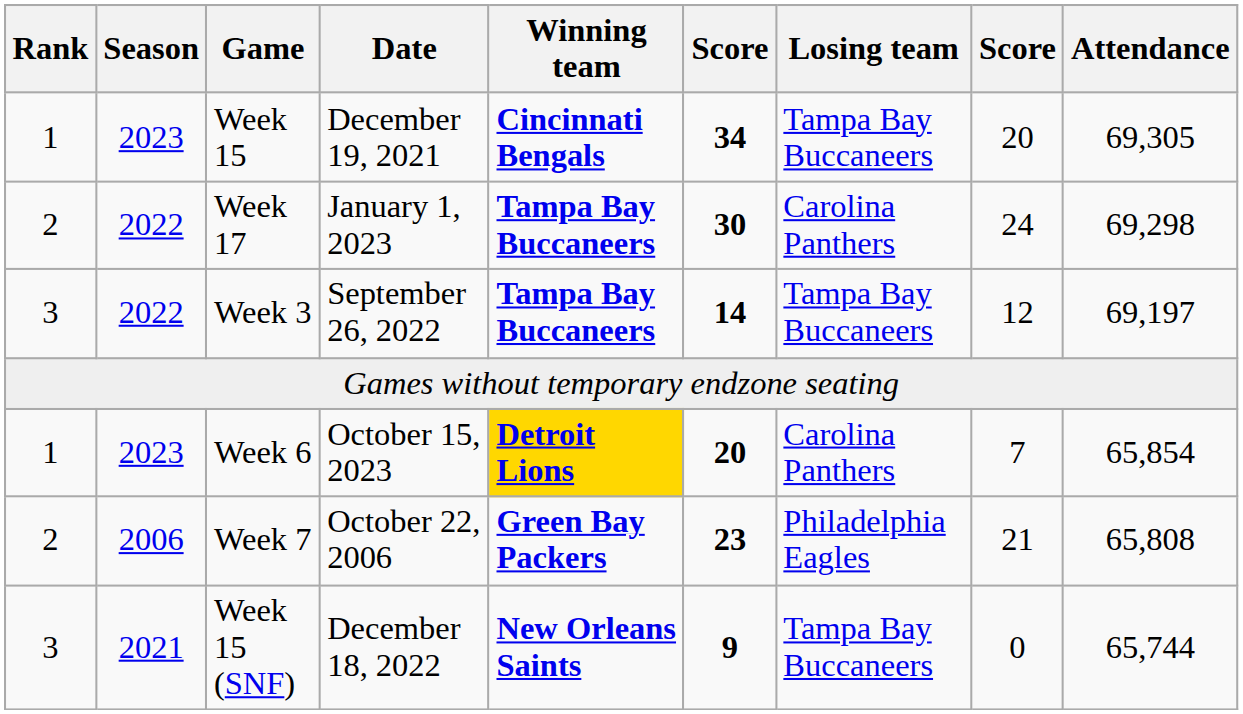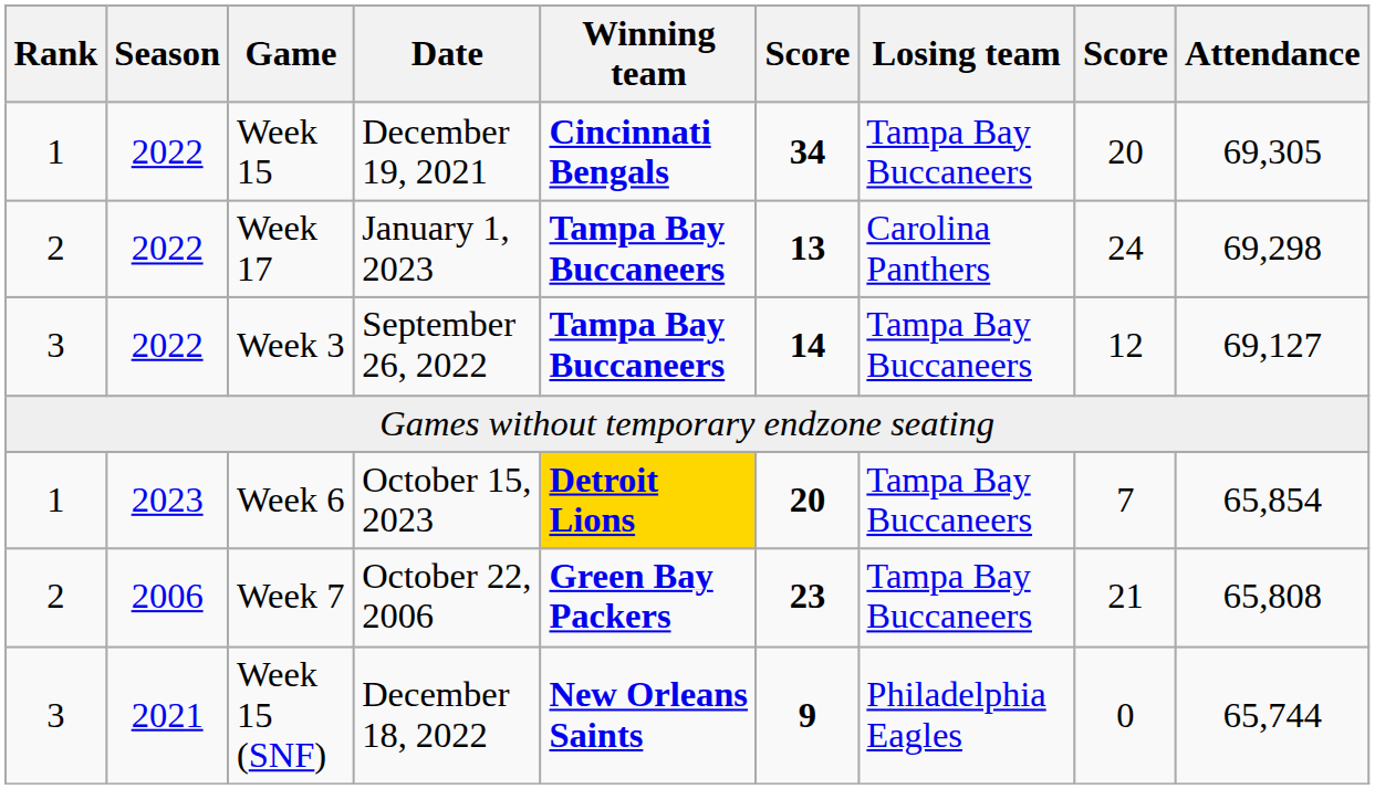 <table class="wikitable">
 <tr style="background:#efefef;">
 <th style="text-align:center;">Rank</th>
 <th style="text-align:center;">Season</th>
 <th style="text-align:center;">Game</th>
 <th style="text-align:center;">Date</th>
 <th style="text-align:center;">Winning team</th>
 <th style="text-align:center;">Score</th>
 <th style="text-align:center;">Losing team</th>
 <th style="text-align:center;">Score</th>
 <th style="text-align:center;">Attendance</th>
 </tr>
 <tr>
 <td align=center>1</td>
-<td align=center><a href='#'>2023</a></td>
+<td align=center><a href='#'>2022</a></td>
 <td>Week 15</td>
 <td>December 19, 2021</td>
 <td><strong><a href='#'>Cincinnati Bengals</a></strong></td>
 <td align=center><strong>34</strong></td>
 <td><a href='#'>Tampa Bay Buccaneers</a></td>
 <td align=center>20</td>
 <td align=center>69,305</td>
 </tr>
 <tr>
 <td align=center>2</td>
 <td align=center><a href='#'>2022</a></td>
 <td>Week 17</td>
 <td>January 1, 2023</td>
 <td><strong><a href='#'>Tampa Bay Buccaneers</a></strong></td>
-<td align=center><strong>30</strong></td>
+<td align=center><strong>13</strong></td>
 <td><a href='#'>Carolina Panthers</a></td>
 <td align=center>24</td>
 <td align=center>69,298</td>
 </tr>
 <tr>
 <td align=center>3</td>
 <td align=center><a href='#'>2022</a></td>
 <td>Week 3</td>
 <td>September 26, 2022</td>
 <td><strong><a href='#'>Tampa Bay Buccaneers</a></strong></td>
 <td align=center><strong>14</strong></td>
 <td><a href='#'>Tampa Bay Buccaneers</a></td>
 <td align=center>12</td>
-<td align=center>69,197</td>
+<td align=center>69,127</td>
 </tr>
 <tr style="background:#efefef;">
 <td align=center colspan=9><em>Games without temporary endzone seating</em></td>
 </tr>
 <tr>
 <td align=center>1</td>
 <td align=center><a href='#'>2023</a></td>
 <td>Week 6</td>
 <td>October 15, 2023</td>
 <td style="background: gold;"><strong><a href='#'>Detroit Lions</a></strong></td>
 <td align=center><strong>20</strong></td>
-<td><a href='#'>Carolina Panthers</a></td>
+<td><a href='#'>Tampa Bay Buccaneers</a></td>
 <td align=center>7</td>
 <td align=center>65,854</td>
 </tr>
 <tr>
 <td align=center>2</td>
 <td align=center><a href='#'>2006</a></td>
 <td>Week 7</td>
 <td>October 22, 2006</td>
 <td><strong><a href='#'>Green Bay Packers</a></strong></td>
 <td align=center><strong>23</strong></td>
-<td><a href='#'>Philadelphia Eagles</a></td>
+<td><a href='#'>Tampa Bay Buccaneers</a></td>
 <td align=center>21</td>
 <td align=center>65,808</td>
 </tr>
 <tr>
 <td align=center>3</td>
 <td align=center><a href='#'>2021</a></td>
 <td>Week 15 (<a href='#'>SNF</a>)</td>
 <td>December 18, 2022</td>
 <td><strong><a href='#'>New Orleans Saints</a></strong></td>
 <td align=center><strong>9</strong></td>
-<td><a href='#'>Tampa Bay Buccaneers</a></td>
+<td><a href='#'>Philadelphia Eagles</a></td>
 <td align=center>0</td>
 <td align=center>65,744</td>
 </tr>
 </table>
